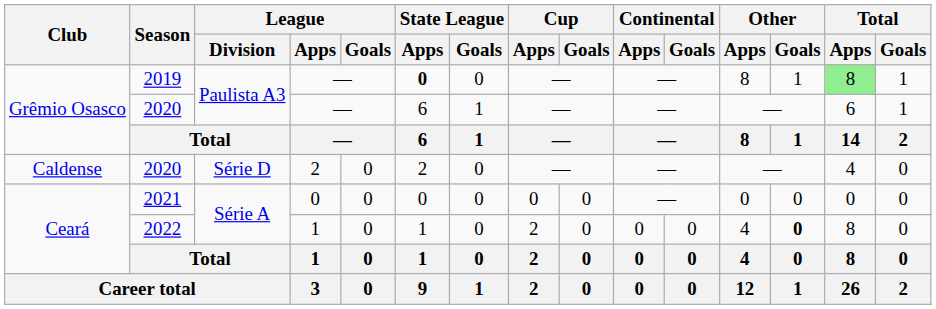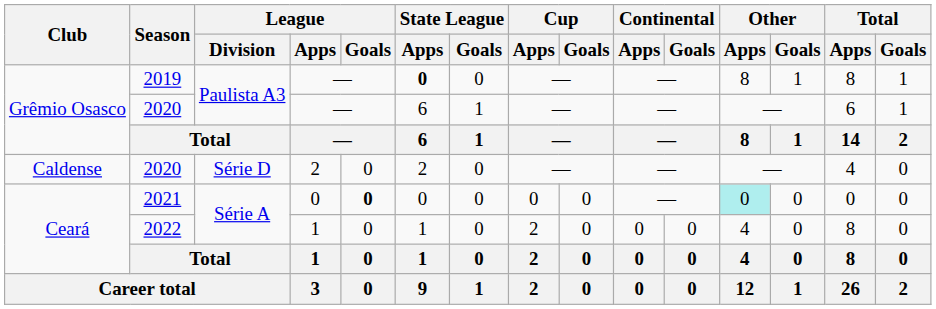 <table class="wikitable" style="text-align: center;">
 <tr>
 <th rowspan="2">Club</th>
 <th rowspan="2">Season</th>
 <th colspan="3">League</th>
 <th colspan="2">State League</th>
 <th colspan="2">Cup</th>
 <th colspan="2">Continental</th>
 <th colspan="2">Other</th>
 <th colspan="2">Total</th>
 </tr>
 <tr>
 <th>Division</th>
 <th>Apps</th>
 <th>Goals</th>
 <th>Apps</th>
 <th>Goals</th>
 <th>Apps</th>
 <th>Goals</th>
 <th>Apps</th>
 <th>Goals</th>
 <th>Apps</th>
 <th>Goals</th>
 <th>Apps</th>
 <th>Goals</th>
 </tr>
 <tr>
 <td rowspan="3" valign="center"><a href='#'>Grêmio Osasco</a></td>
 <td><a href='#'>2019</a></td>
 <td rowspan="2"><a href='#'>Paulista A3</a></td>
 <td colspan="2">—</td>
 <td><strong>0</strong></td>
 <td>0</td>
 <td colspan="2">—</td>
 <td colspan="2">—</td>
 <td>8</td>
 <td>1</td>
-<td style="background: lightgreen;">8</td>
+<td>8</td>
 <td>1</td>
 </tr>
 <tr>
 <td><a href='#'>2020</a></td>
 <td colspan="2">—</td>
 <td>6</td>
 <td>1</td>
 <td colspan="2">—</td>
 <td colspan="2">—</td>
 <td colspan="2">—</td>
 <td>6</td>
 <td>1</td>
 </tr>
 <tr>
 <th colspan="2">Total</th>
 <th colspan="2">—</th>
 <th>6</th>
 <th>1</th>
 <th colspan="2">—</th>
 <th colspan="2">—</th>
 <th>8</th>
 <th>1</th>
 <th>14</th>
 <th>2</th>
 </tr>
 <tr>
 <td valign="center"><a href='#'>Caldense</a></td>
 <td><a href='#'>2020</a></td>
 <td><a href='#'>Série D</a></td>
 <td>2</td>
 <td>0</td>
 <td>2</td>
 <td>0</td>
 <td colspan="2">—</td>
 <td colspan="2">—</td>
 <td colspan="2">—</td>
 <td>4</td>
 <td>0</td>
 </tr>
 <tr>
 <td rowspan="3" valign="center"><a href='#'>Ceará</a></td>
 <td><a href='#'>2021</a></td>
 <td rowspan="2"><a href='#'>Série A</a></td>
 <td>0</td>
-<td>0</td>
+<td><strong>0</strong></td>
 <td>0</td>
 <td>0</td>
 <td>0</td>
 <td>0</td>
 <td colspan="2">—</td>
-<td>0</td>
+<td style="background: paleturquoise;">0</td>
 <td>0</td>
 <td>0</td>
 <td>0</td>
 </tr>
 <tr>
 <td><a href='#'>2022</a></td>
 <td>1</td>
 <td>0</td>
 <td>1</td>
 <td>0</td>
 <td>2</td>
 <td>0</td>
 <td>0</td>
 <td>0</td>
 <td>4</td>
-<td><strong>0</strong></td>
+<td>0</td>
 <td>8</td>
 <td>0</td>
 </tr>
 <tr>
 <th colspan="2">Total</th>
 <th>1</th>
 <th>0</th>
 <th>1</th>
 <th>0</th>
 <th>2</th>
 <th>0</th>
 <th>0</th>
 <th>0</th>
 <th>4</th>
 <th>0</th>
 <th>8</th>
 <th>0</th>
 </tr>
 <tr>
 <th colspan="3"><strong>Career total</strong></th>
 <th>3</th>
 <th>0</th>
 <th>9</th>
 <th>1</th>
 <th>2</th>
 <th>0</th>
 <th>0</th>
 <th>0</th>
 <th>12</th>
 <th>1</th>
 <th>26</th>
 <th>2</th>
 </tr>
 </table>
